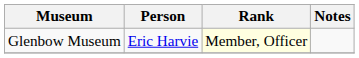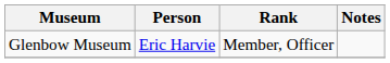 <table class="wikitable">
 <tr>
 <th>Museum</th>
 <th>Person</th>
 <th>Rank</th>
 <th>Notes</th>
 </tr>
 <tr>
 <td>Glenbow Museum</td>
 <td><a href='#'>Eric Harvie</a></td>
-<td style="background: lightyellow;">Member, Officer</td>
+<td>Member, Officer</td>
 <td></td>
 </tr>
 <tr>
 </tr>
 </table>
